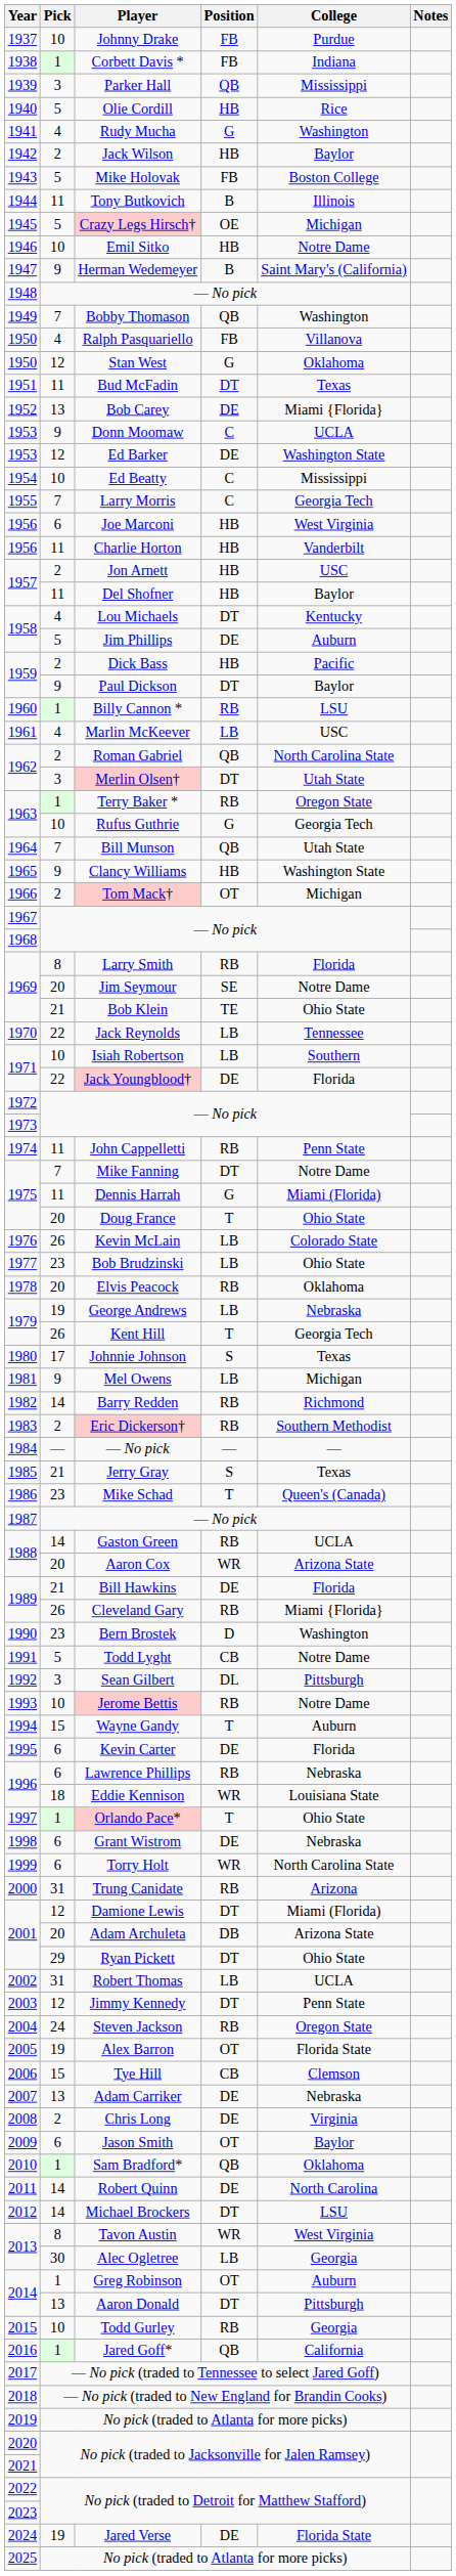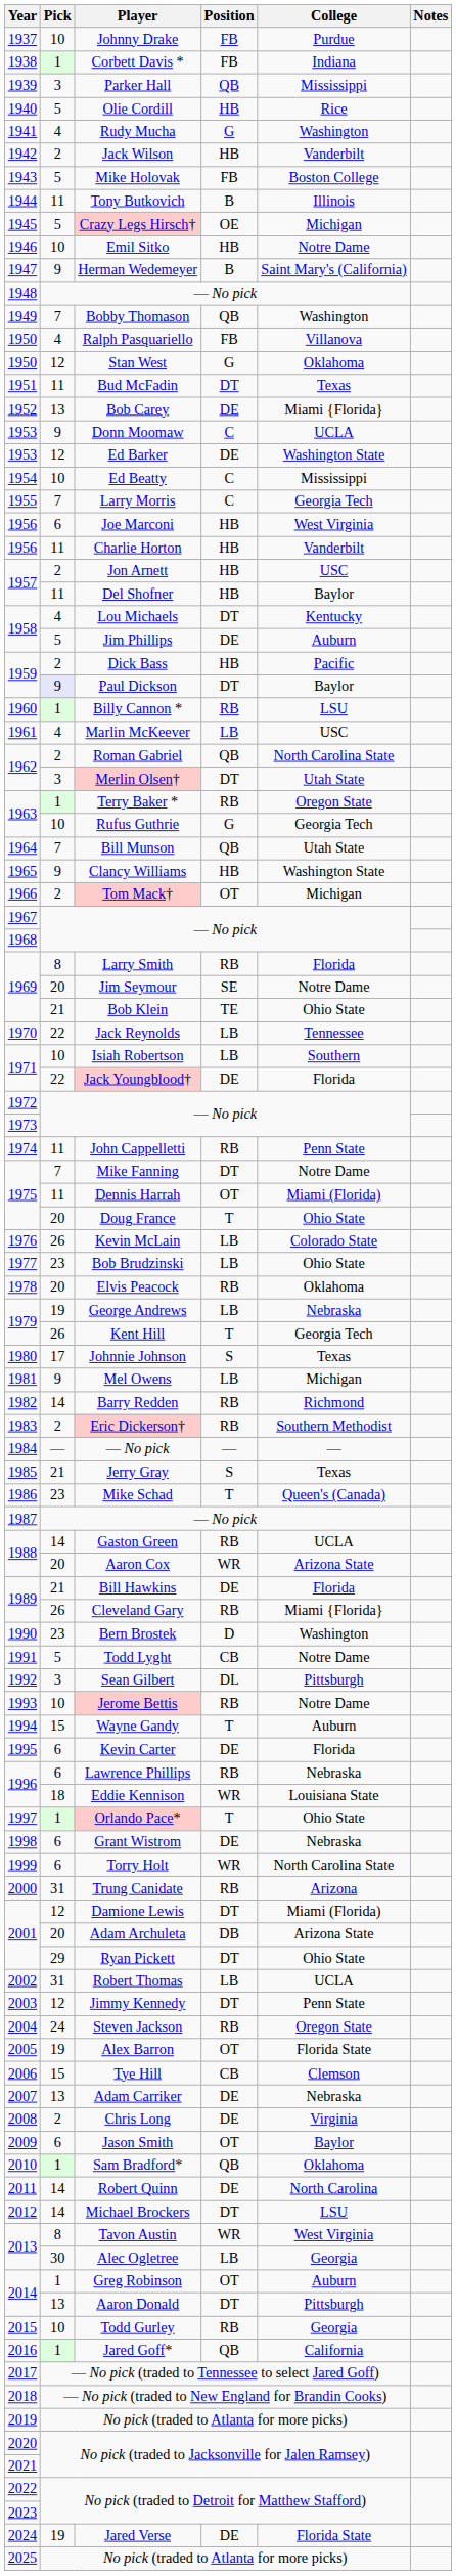 <table class="wikitable" style="text-align:center">
 <tr>
 <th>Year</th>
 <th>Pick</th>
 <th>Player</th>
 <th>Position</th>
 <th>College</th>
 <th>Notes</th>
 </tr>
 <tr>
 <td align="center"><a href='#'>1937</a></td>
 <td align="center">10</td>
 <td><a href='#'>Johnny Drake</a></td>
 <td><a href='#'>FB</a></td>
 <td><a href='#'>Purdue</a></td>
 <td></td>
 </tr>
 <tr>
 <td align="center"><a href='#'>1938</a></td>
 <td align="center" style="background-color: #DDFFDD;">1</td>
 <td><a href='#'>Corbett Davis</a> *</td>
 <td>FB</td>
 <td><a href='#'>Indiana</a></td>
 <td></td>
 </tr>
 <tr>
 <td align="center"><a href='#'>1939</a></td>
 <td align="center">3</td>
 <td><a href='#'>Parker Hall</a></td>
 <td><a href='#'>QB</a></td>
 <td><a href='#'>Mississippi</a></td>
 <td></td>
 </tr>
 <tr>
 <td align="center"><a href='#'>1940</a></td>
 <td align="center">5</td>
 <td><a href='#'>Olie Cordill</a></td>
 <td><a href='#'>HB</a></td>
 <td><a href='#'>Rice</a></td>
 <td></td>
 </tr>
 <tr>
 <td align="center"><a href='#'>1941</a></td>
 <td align="center">4</td>
 <td><a href='#'>Rudy Mucha</a></td>
 <td><a href='#'>G</a></td>
 <td><a href='#'>Washington</a></td>
 <td></td>
 </tr>
 <tr>
 <td align="center"><a href='#'>1942</a></td>
 <td align="center">2</td>
 <td><a href='#'>Jack Wilson</a></td>
 <td>HB</td>
-<td><a href='#'>Baylor</a></td>
+<td><a href='#'>Vanderbilt</a></td>
 <td></td>
 </tr>
 <tr>
 <td align="center"><a href='#'>1943</a></td>
 <td align="center">5</td>
 <td><a href='#'>Mike Holovak</a></td>
 <td>FB</td>
 <td><a href='#'>Boston College</a></td>
 <td></td>
 </tr>
 <tr>
 <td align="center"><a href='#'>1944</a></td>
 <td align="center">11</td>
 <td><a href='#'>Tony Butkovich</a></td>
 <td>B</td>
 <td><a href='#'>Illinois</a></td>
 <td></td>
 </tr>
 <tr>
 <td align="center"><a href='#'>1945</a></td>
 <td align="center">5</td>
 <td style="background-color: #FFCCCC;"><a href='#'>Crazy Legs Hirsch</a>†</td>
 <td>OE</td>
 <td><a href='#'>Michigan</a></td>
 <td></td>
 </tr>
 <tr>
 <td align="center"><a href='#'>1946</a></td>
 <td align="center">10</td>
 <td><a href='#'>Emil Sitko</a></td>
 <td>HB</td>
 <td><a href='#'>Notre Dame</a></td>
 <td></td>
 </tr>
 <tr>
 <td align="center"><a href='#'>1947</a></td>
 <td align="center">9</td>
 <td><a href='#'>Herman Wedemeyer</a></td>
 <td>B</td>
 <td><a href='#'>Saint Mary's (California)</a></td>
 <td></td>
 </tr>
 <tr>
 <td align="center"><a href='#'>1948</a></td>
 <td colspan=4><span>—</span> <em>No pick</em></td>
 <td align="center"></td>
 </tr>
 <tr>
 <td align="center"><a href='#'>1949</a></td>
 <td align="center">7</td>
 <td><a href='#'>Bobby Thomason</a></td>
 <td>QB</td>
 <td>Washington</td>
 <td></td>
 </tr>
 <tr>
 <td align="center"><a href='#'>1950</a></td>
 <td align="center">4</td>
 <td><a href='#'>Ralph Pasquariello</a></td>
 <td>FB</td>
 <td><a href='#'>Villanova</a></td>
 <td align="center"></td>
 </tr>
 <tr>
 <td align="center"><a href='#'>1950</a></td>
 <td align="center">12</td>
 <td><a href='#'>Stan West</a></td>
 <td>G</td>
 <td><a href='#'>Oklahoma</a></td>
 <td></td>
 </tr>
 <tr>
 <td align="center"><a href='#'>1951</a></td>
 <td align="center">11</td>
 <td><a href='#'>Bud McFadin</a></td>
 <td><a href='#'>DT</a></td>
 <td><a href='#'>Texas</a></td>
 <td></td>
 </tr>
 <tr>
 <td align="center"><a href='#'>1952</a></td>
 <td align="center">13</td>
 <td><a href='#'>Bob Carey</a></td>
 <td><a href='#'>DE</a></td>
 <td>Miami {Florida}</td>
 <td></td>
 </tr>
 <tr>
 <td align="center"><a href='#'>1953</a></td>
 <td align="center">9</td>
 <td><a href='#'>Donn Moomaw</a></td>
 <td><a href='#'>C</a></td>
 <td><a href='#'>UCLA</a></td>
 <td align="center"></td>
 </tr>
 <tr>
 <td align="center"><a href='#'>1953</a></td>
 <td align="center">12</td>
 <td><a href='#'>Ed Barker</a></td>
 <td>DE</td>
 <td><a href='#'>Washington State</a></td>
 <td></td>
 </tr>
 <tr>
 <td align="center"><a href='#'>1954</a></td>
 <td align="center">10</td>
 <td><a href='#'>Ed Beatty</a></td>
 <td>C</td>
 <td>Mississippi</td>
 <td></td>
 </tr>
 <tr>
 <td align="center"><a href='#'>1955</a></td>
 <td align="center">7</td>
 <td><a href='#'>Larry Morris</a></td>
 <td>C</td>
 <td><a href='#'>Georgia Tech</a></td>
 <td></td>
 </tr>
 <tr>
 <td align="center"><a href='#'>1956</a></td>
 <td align="center">6</td>
 <td><a href='#'>Joe Marconi</a></td>
 <td>HB</td>
 <td><a href='#'>West Virginia</a></td>
 <td align="center"></td>
 </tr>
 <tr>
 <td align="center"><a href='#'>1956</a></td>
 <td align="center">11</td>
 <td><a href='#'>Charlie Horton</a></td>
 <td>HB</td>
 <td><a href='#'>Vanderbilt</a></td>
 <td></td>
 </tr>
 <tr>
 <td rowspan="2" align="center"><a href='#'>1957</a></td>
 <td align="center">2</td>
 <td><a href='#'>Jon Arnett</a></td>
 <td>HB</td>
 <td><a href='#'>USC</a></td>
 <td></td>
 </tr>
 <tr>
 <td align="center">11</td>
 <td><a href='#'>Del Shofner</a></td>
 <td>HB</td>
 <td>Baylor</td>
 <td align="center"></td>
 </tr>
 <tr>
 <td rowspan="2" align="center"><a href='#'>1958</a></td>
 <td align="center">4</td>
 <td><a href='#'>Lou Michaels</a></td>
 <td>DT</td>
 <td><a href='#'>Kentucky</a></td>
 <td align="center"></td>
 </tr>
 <tr>
 <td align="center">5</td>
 <td><a href='#'>Jim Phillips</a></td>
 <td>DE</td>
 <td><a href='#'>Auburn</a></td>
 <td></td>
 </tr>
 <tr>
 <td rowspan="2" align="center"><a href='#'>1959</a></td>
 <td align="center">2</td>
 <td><a href='#'>Dick Bass</a></td>
 <td>HB</td>
 <td><a href='#'>Pacific</a></td>
 <td align="center"></td>
 </tr>
 <tr>
-<td align="center">9</td>
+<td align="center" style="background: lavender;">9</td>
 <td><a href='#'>Paul Dickson</a></td>
 <td>DT</td>
 <td>Baylor</td>
 <td></td>
 </tr>
 <tr>
 <td align="center"><a href='#'>1960</a></td>
 <td align="center" style="background-color: #DDFFDD;">1</td>
 <td><a href='#'>Billy Cannon</a> *</td>
 <td><a href='#'>RB</a></td>
 <td><a href='#'>LSU</a></td>
 <td></td>
 </tr>
 <tr>
 <td align="center"><a href='#'>1961</a></td>
 <td align="center">4</td>
 <td><a href='#'>Marlin McKeever</a></td>
 <td><a href='#'>LB</a></td>
 <td>USC</td>
 <td></td>
 </tr>
 <tr>
 <td rowspan="2" align="center"><a href='#'>1962</a></td>
 <td align="center">2</td>
 <td><a href='#'>Roman Gabriel</a></td>
 <td>QB</td>
 <td><a href='#'>North Carolina State</a></td>
 <td align="center"></td>
 </tr>
 <tr>
 <td align="center">3</td>
 <td style="background-color: #FFCCCC;"><a href='#'>Merlin Olsen</a>†</td>
 <td>DT</td>
 <td><a href='#'>Utah State</a></td>
 <td></td>
 </tr>
 <tr>
 <td rowspan="2" align="center"><a href='#'>1963</a></td>
 <td align="center" style="background-color: #DDFFDD;">1</td>
 <td><a href='#'>Terry Baker</a> *</td>
 <td>RB</td>
 <td><a href='#'>Oregon State</a></td>
 <td></td>
 </tr>
 <tr>
 <td align="center">10</td>
 <td><a href='#'>Rufus Guthrie</a></td>
 <td>G</td>
 <td>Georgia Tech</td>
 <td align="center"></td>
 </tr>
 <tr>
 <td align="center"><a href='#'>1964</a></td>
 <td align="center">7</td>
 <td><a href='#'>Bill Munson</a></td>
 <td>QB</td>
 <td>Utah State</td>
 <td></td>
 </tr>
 <tr>
 <td align="center"><a href='#'>1965</a></td>
 <td align="center">9</td>
 <td><a href='#'>Clancy Williams</a></td>
 <td>HB</td>
 <td>Washington State</td>
 <td></td>
 </tr>
 <tr>
 <td align="center"><a href='#'>1966</a></td>
 <td align="center">2</td>
 <td style="background-color: #FFCCCC;"><a href='#'>Tom Mack</a>†</td>
 <td>OT</td>
 <td>Michigan</td>
 <td></td>
 </tr>
 <tr>
 <td align="center"><a href='#'>1967</a></td>
 <td colspan=4 rowspan=2><span>—</span> <em>No pick</em></td>
 <td align="center"></td>
 </tr>
 <tr>
 <td align="center"><a href='#'>1968</a></td>
 <td align="center"></td>
 </tr>
 <tr>
 <td rowspan="3" align="center"><a href='#'>1969</a></td>
 <td align="center">8</td>
 <td><a href='#'>Larry Smith</a></td>
 <td>RB</td>
 <td><a href='#'>Florida</a></td>
 <td align="center"></td>
 </tr>
 <tr>
 <td align="center">20</td>
 <td><a href='#'>Jim Seymour</a></td>
 <td>SE</td>
 <td>Notre Dame</td>
 <td align="center"></td>
 </tr>
 <tr>
 <td align="center">21</td>
 <td><a href='#'>Bob Klein</a></td>
 <td>TE</td>
 <td>Ohio State</td>
 <td></td>
 </tr>
 <tr>
 <td align="center"><a href='#'>1970</a></td>
 <td align="center">22</td>
 <td><a href='#'>Jack Reynolds</a></td>
 <td>LB</td>
 <td><a href='#'>Tennessee</a></td>
 <td></td>
 </tr>
 <tr>
 <td rowspan="2" align="center"><a href='#'>1971</a></td>
 <td align="center">10</td>
 <td><a href='#'>Isiah Robertson</a></td>
 <td>LB</td>
 <td><a href='#'>Southern</a></td>
 <td align="center"></td>
 </tr>
 <tr>
 <td align="center">22</td>
 <td style="background-color: #FFCCCC;"><a href='#'>Jack Youngblood</a>†</td>
 <td>DE</td>
 <td>Florida</td>
 <td></td>
 </tr>
 <tr>
 <td align="center"><a href='#'>1972</a></td>
 <td colspan=4 rowspan=2><span>—</span> <em>No pick</em></td>
 <td align="center"></td>
 </tr>
 <tr>
 <td align="center"><a href='#'>1973</a></td>
 <td align="center"></td>
 </tr>
 <tr>
 <td align="center"><a href='#'>1974</a></td>
 <td align="center">11</td>
 <td><a href='#'>John Cappelletti</a></td>
 <td>RB</td>
 <td><a href='#'>Penn State</a></td>
 <td align="center"></td>
 </tr>
 <tr>
 <td rowspan="3" align="center"><a href='#'>1975</a></td>
 <td align="center">7</td>
 <td><a href='#'>Mike Fanning</a></td>
 <td>DT</td>
 <td>Notre Dame</td>
 <td align="center"></td>
 </tr>
 <tr>
 <td align="center">11</td>
 <td><a href='#'>Dennis Harrah</a></td>
-<td>G</td>
+<td>OT</td>
 <td><a href='#'>Miami (Florida)</a></td>
 <td align="center"></td>
 </tr>
 <tr>
 <td align="center">20</td>
 <td><a href='#'>Doug France</a></td>
 <td>T</td>
 <td><a href='#'>Ohio State</a></td>
 <td></td>
 </tr>
 <tr>
 <td align="center"><a href='#'>1976</a></td>
 <td align="center">26</td>
 <td><a href='#'>Kevin McLain</a></td>
 <td>LB</td>
 <td><a href='#'>Colorado State</a></td>
 <td></td>
 </tr>
 <tr>
 <td align="center"><a href='#'>1977</a></td>
 <td align="center">23</td>
 <td><a href='#'>Bob Brudzinski</a></td>
 <td>LB</td>
 <td>Ohio State</td>
 <td></td>
 </tr>
 <tr>
 <td align="center"><a href='#'>1978</a></td>
 <td align="center">20</td>
 <td><a href='#'>Elvis Peacock</a></td>
 <td>RB</td>
 <td>Oklahoma</td>
 <td></td>
 </tr>
 <tr>
 <td rowspan="2" align="center"><a href='#'>1979</a></td>
 <td align="center">19</td>
 <td><a href='#'>George Andrews</a></td>
 <td>LB</td>
 <td><a href='#'>Nebraska</a></td>
 <td></td>
 </tr>
 <tr>
 <td align="center">26</td>
 <td><a href='#'>Kent Hill</a></td>
 <td>T</td>
 <td>Georgia Tech</td>
 <td></td>
 </tr>
 <tr>
 <td align="center"><a href='#'>1980</a></td>
 <td align="center">17</td>
 <td><a href='#'>Johnnie Johnson</a></td>
 <td>S</td>
 <td>Texas</td>
 <td></td>
 </tr>
 <tr>
 <td align="center"><a href='#'>1981</a></td>
 <td align="center">9</td>
 <td><a href='#'>Mel Owens</a></td>
 <td>LB</td>
 <td>Michigan</td>
 <td></td>
 </tr>
 <tr>
 <td align="center"><a href='#'>1982</a></td>
 <td align="center">14</td>
 <td><a href='#'>Barry Redden</a></td>
 <td>RB</td>
 <td><a href='#'>Richmond</a></td>
 <td></td>
 </tr>
 <tr>
 <td align="center"><a href='#'>1983</a></td>
 <td align="center">2</td>
 <td style="background-color: #FFCCCC;"><a href='#'>Eric Dickerson</a>†</td>
 <td>RB</td>
 <td><a href='#'>Southern Methodist</a></td>
 <td align="center"></td>
 </tr>
 <tr>
 <td align="center"><a href='#'>1984</a></td>
 <td align="center">—</td>
 <td><span>—</span> <em>No pick</em></td>
 <td>—</td>
 <td>—</td>
 <td align="center"></td>
 </tr>
 <tr>
 <td align="center"><a href='#'>1985</a></td>
 <td align="center">21</td>
 <td><a href='#'>Jerry Gray</a></td>
 <td>S</td>
 <td>Texas</td>
 <td></td>
 </tr>
 <tr>
 <td align="center"><a href='#'>1986</a></td>
 <td align="center">23</td>
 <td><a href='#'>Mike Schad</a></td>
 <td>T</td>
 <td><a href='#'>Queen's (Canada)</a></td>
 <td></td>
 </tr>
 <tr>
 <td align="center"><a href='#'>1987</a></td>
 <td colspan=4><span>—</span> <em>No pick</em></td>
 <td align="center"></td>
 </tr>
 <tr>
 <td rowspan="2" align="center"><a href='#'>1988</a></td>
 <td align="center">14</td>
 <td><a href='#'>Gaston Green</a></td>
 <td>RB</td>
 <td>UCLA</td>
 <td align="center"></td>
 </tr>
 <tr>
 <td align="center">20</td>
 <td><a href='#'>Aaron Cox</a></td>
 <td>WR</td>
 <td><a href='#'>Arizona State</a></td>
 <td align="center"></td>
 </tr>
 <tr>
 <td rowspan="2" align="center"><a href='#'>1989</a></td>
 <td align="center">21</td>
 <td><a href='#'>Bill Hawkins</a></td>
 <td>DE</td>
 <td><a href='#'>Florida</a></td>
 <td></td>
 </tr>
 <tr>
 <td align="center">26</td>
 <td><a href='#'>Cleveland Gary</a></td>
 <td>RB</td>
 <td>Miami {Florida}</td>
 <td align="center"></td>
 </tr>
 <tr>
 <td align="center"><a href='#'>1990</a></td>
 <td align="center">23</td>
 <td><a href='#'>Bern Brostek</a></td>
 <td>D</td>
 <td>Washington</td>
 <td></td>
 </tr>
 <tr>
 <td align="center"><a href='#'>1991</a></td>
 <td align="center">5</td>
 <td><a href='#'>Todd Lyght</a></td>
 <td>CB</td>
 <td>Notre Dame</td>
 <td></td>
 </tr>
 <tr>
 <td align="center"><a href='#'>1992</a></td>
 <td align="center">3</td>
 <td><a href='#'>Sean Gilbert</a></td>
 <td>DL</td>
 <td><a href='#'>Pittsburgh</a></td>
 <td></td>
 </tr>
 <tr>
 <td align="center"><a href='#'>1993</a></td>
 <td align="center">10</td>
 <td style="background-color: #FFCCCC;"><a href='#'>Jerome Bettis</a></td>
 <td>RB</td>
 <td>Notre Dame</td>
 <td></td>
 </tr>
 <tr>
 <td align="center"><a href='#'>1994</a></td>
 <td align="center">15</td>
 <td><a href='#'>Wayne Gandy</a></td>
 <td>T</td>
 <td>Auburn</td>
 <td></td>
 </tr>
 <tr>
 <td align="center"><a href='#'>1995</a></td>
 <td align="center">6</td>
 <td><a href='#'>Kevin Carter</a></td>
 <td>DE</td>
 <td>Florida</td>
 <td></td>
 </tr>
 <tr>
 <td rowspan="2" align="center"><a href='#'>1996</a></td>
 <td align="center">6</td>
 <td><a href='#'>Lawrence Phillips</a></td>
 <td>RB</td>
 <td>Nebraska</td>
 <td align="center"></td>
 </tr>
 <tr>
 <td align="center">18</td>
 <td><a href='#'>Eddie Kennison</a></td>
 <td>WR</td>
 <td>Louisiana State</td>
 <td></td>
 </tr>
 <tr>
 <td align="center"><a href='#'>1997</a></td>
 <td align="center" style="background-color: #DDFFDD;">1</td>
 <td style="background-color: #FFCCCC;"><a href='#'>Orlando Pace</a>*</td>
 <td>T</td>
 <td>Ohio State</td>
 <td></td>
 </tr>
 <tr>
 <td align="center"><a href='#'>1998</a></td>
 <td align="center">6</td>
 <td><a href='#'>Grant Wistrom</a></td>
 <td>DE</td>
 <td>Nebraska</td>
 <td></td>
 </tr>
 <tr>
 <td align="center"><a href='#'>1999</a></td>
 <td align="center">6</td>
 <td><a href='#'>Torry Holt</a></td>
 <td>WR</td>
 <td>North Carolina State</td>
 <td></td>
 </tr>
 <tr>
 <td align="center"><a href='#'>2000</a></td>
 <td align="center">31</td>
 <td><a href='#'>Trung Canidate</a></td>
 <td>RB</td>
 <td><a href='#'>Arizona</a></td>
 <td></td>
 </tr>
 <tr>
 <td rowspan="3" align="center"><a href='#'>2001</a></td>
 <td align="center">12</td>
 <td><a href='#'>Damione Lewis</a></td>
 <td>DT</td>
 <td>Miami (Florida)</td>
 <td align="center"></td>
 </tr>
 <tr>
 <td align="center">20</td>
 <td><a href='#'>Adam Archuleta</a></td>
 <td>DB</td>
 <td>Arizona State</td>
 <td></td>
 </tr>
 <tr>
 <td align="center">29</td>
 <td><a href='#'>Ryan Pickett</a></td>
 <td>DT</td>
 <td>Ohio State</td>
 <td align="center"></td>
 </tr>
 <tr>
 <td align="center"><a href='#'>2002</a></td>
 <td align="center">31</td>
 <td><a href='#'>Robert Thomas</a></td>
 <td>LB</td>
 <td>UCLA</td>
 <td></td>
 </tr>
 <tr>
 <td align="center"><a href='#'>2003</a></td>
 <td align="center">12</td>
 <td><a href='#'>Jimmy Kennedy</a></td>
 <td>DT</td>
 <td>Penn State</td>
 <td></td>
 </tr>
 <tr>
 <td align="center"><a href='#'>2004</a></td>
 <td align="center">24</td>
 <td><a href='#'>Steven Jackson</a></td>
 <td>RB</td>
 <td><a href='#'>Oregon State</a></td>
 <td></td>
 </tr>
 <tr>
 <td align="center"><a href='#'>2005</a></td>
 <td align="center">19</td>
 <td><a href='#'>Alex Barron</a></td>
 <td>OT</td>
 <td>Florida State</td>
 <td></td>
 </tr>
 <tr>
 <td align="center"><a href='#'>2006</a></td>
 <td align="center">15</td>
 <td><a href='#'>Tye Hill</a></td>
 <td>CB</td>
 <td><a href='#'>Clemson</a></td>
 <td></td>
 </tr>
 <tr>
 <td align="center"><a href='#'>2007</a></td>
 <td align="center">13</td>
 <td><a href='#'>Adam Carriker</a></td>
 <td>DE</td>
 <td>Nebraska</td>
 <td></td>
 </tr>
 <tr>
 <td align="center"><a href='#'>2008</a></td>
 <td align="center">2</td>
 <td><a href='#'>Chris Long</a></td>
 <td>DE</td>
 <td><a href='#'>Virginia</a></td>
 <td></td>
 </tr>
 <tr>
 <td align="center"><a href='#'>2009</a></td>
 <td align="center">6</td>
 <td><a href='#'>Jason Smith</a></td>
 <td>OT</td>
 <td><a href='#'>Baylor</a></td>
 <td></td>
 </tr>
 <tr>
 <td align="center"><a href='#'>2010</a></td>
 <td align="center" style="background-color: #DDFFDD;">1</td>
 <td><a href='#'>Sam Bradford</a>*</td>
 <td>QB</td>
 <td><a href='#'>Oklahoma</a></td>
 <td></td>
 </tr>
 <tr>
 <td align="center"><a href='#'>2011</a></td>
 <td align="center">14</td>
 <td><a href='#'>Robert Quinn</a></td>
 <td>DE</td>
 <td><a href='#'>North Carolina</a></td>
 <td></td>
 </tr>
 <tr>
 <td align="center"><a href='#'>2012</a></td>
 <td align="center">14</td>
 <td><a href='#'>Michael Brockers</a></td>
 <td>DT</td>
 <td><a href='#'>LSU</a></td>
 <td></td>
 </tr>
 <tr>
 <td rowspan="2" align="center"><a href='#'>2013</a></td>
 <td align="center">8</td>
 <td><a href='#'>Tavon Austin</a></td>
 <td>WR</td>
 <td><a href='#'>West Virginia</a></td>
 <td></td>
 </tr>
 <tr>
 <td align="center">30</td>
 <td><a href='#'>Alec Ogletree</a></td>
 <td>LB</td>
 <td><a href='#'>Georgia</a></td>
 <td></td>
 </tr>
 <tr>
 <td rowspan="2"  align="center"><a href='#'>2014</a></td>
 <td align="center">1</td>
 <td><a href='#'>Greg Robinson</a></td>
 <td>OT</td>
 <td><a href='#'>Auburn</a></td>
 <td align="center"></td>
 </tr>
 <tr>
 <td align="center">13</td>
 <td><a href='#'>Aaron Donald</a></td>
 <td>DT</td>
 <td><a href='#'>Pittsburgh</a></td>
 <td></td>
 </tr>
 <tr>
 <td align="center"><a href='#'>2015</a></td>
 <td align="center">10</td>
 <td><a href='#'>Todd Gurley</a></td>
 <td>RB</td>
 <td><a href='#'>Georgia</a></td>
 <td></td>
 </tr>
 <tr>
 <td align="center"><a href='#'>2016</a></td>
 <td align="center" style="background-color: #DDFFDD;">1</td>
 <td><a href='#'>Jared Goff</a>*</td>
 <td>QB</td>
 <td><a href='#'>California</a></td>
 <td align="center"></td>
 </tr>
 <tr>
 <td align="center"><a href='#'>2017</a></td>
 <td colspan=4><span>—</span> <em>No pick</em> (traded to <a href='#'>Tennessee</a> to select <a href='#'>Jared Goff</a>)</td>
 <td align="center"></td>
 </tr>
 <tr>
 <td align="center"><a href='#'>2018</a></td>
 <td colspan="4" align="center"><span>—</span> <em>No pick</em> (traded to <a href='#'>New England</a> for <a href='#'>Brandin Cooks</a>)</td>
 <td></td>
 </tr>
 <tr>
 <td><a href='#'>2019</a></td>
 <td colspan="4"><em>No pick</em> (traded to <a href='#'>Atlanta</a> for more picks)</td>
 <td></td>
 </tr>
 <tr>
 <td><a href='#'>2020</a></td>
 <td colspan="4" rowspan="2"><em>No pick</em> (traded to <a href='#'>Jacksonville</a> for <a href='#'>Jalen Ramsey</a>)</td>
 <td rowspan="2"></td>
 </tr>
 <tr>
 <td><a href='#'>2021</a></td>
 </tr>
 <tr>
 <td><a href='#'>2022</a></td>
 <td colspan="4" rowspan="2"><em>No pick</em> (traded to <a href='#'>Detroit</a> for <a href='#'>Matthew Stafford</a>)</td>
 <td rowspan="2"></td>
 </tr>
 <tr>
 <td><a href='#'>2023</a></td>
 </tr>
 <tr>
 <td align="center"><a href='#'>2024</a></td>
 <td align="center">19</td>
 <td><a href='#'>Jared Verse</a></td>
 <td>DE</td>
 <td><a href='#'>Florida State</a></td>
 <td></td>
 </tr>
 <tr>
 <td align="center"><a href='#'>2025</a></td>
 <td colspan="4"><em>No pick</em> (traded to <a href='#'>Atlanta</a> for more picks)</td>
 <td></td>
 </tr>
 </table>
